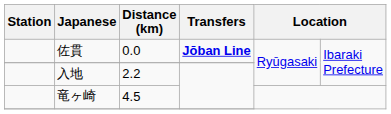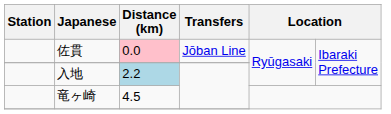 <table class="wikitable" rules="all">
 <tr>
 <th>Station</th>
 <th>Japanese</th>
 <th>Distance<br>(km)</th>
 <th>Transfers</th>
 <th colspan="2">Location</th>
 </tr>
 <tr>
 <td></td>
 <td>佐貫</td>
-<td>0.0</td>
-<td><strong> <a href='#'>Jōban Line</a></strong></td>
+<td style="background: pink;">0.0</td>
+<td> <a href='#'>Jōban Line</a></td>
 <td rowspan="3"><a href='#'>Ryūgasaki</a></td>
 <td rowspan="3"><a href='#'>Ibaraki<br>Prefecture</a></td>
 </tr>
 <tr>
 </tr>
 <tr>
 <td></td>
 <td>入地</td>
-<td>2.2</td>
+<td style="background: lightblue;">2.2</td>
 <td rowspan="2"></td>
 </tr>
 <tr>
 <td></td>
 <td>竜ヶ崎</td>
 <td>4.5</td>
 </tr>
 <tr>
 </tr>
 </table>
